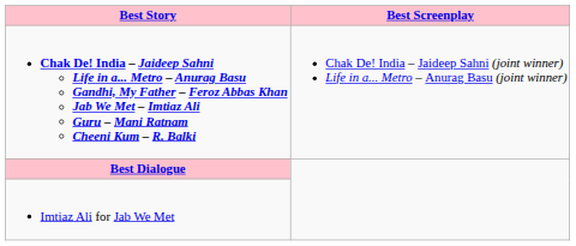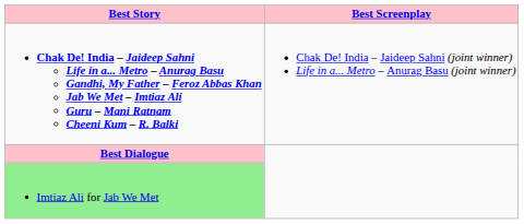 <table class=wikitable style="width=150%">
 <tr>
 <th style="background:#FFC1CC;" ! style="width=50%"><a href='#'>Best Story</a></th>
 <th style="background:#FFC1CC;" ! style="width=50%"><a href='#'>Best Screenplay</a></th>
 </tr>
 <tr>
 <td valign="top"><br><ul><li><strong><a href='#'>Chak De! India</a> – <em><a href='#'>Jaideep Sahni</a><strong><em><ul><li><a href='#'>Life in a... Metro</a> – <a href='#'>Anurag Basu</a></li><li><a href='#'>Gandhi, My Father</a> – <a href='#'>Feroz Abbas Khan</a></li><li><a href='#'>Jab We Met</a> – <a href='#'>Imtiaz Ali</a></li><li><a href='#'>Guru</a> – <a href='#'>Mani Ratnam</a></li><li><a href='#'>Cheeni Kum</a> – <a href='#'>R. Balki</a></li></ul></li></ul></td>
 <td valign="top"><br><ul><li></strong><a href='#'>Chak De! India</a> – </em><a href='#'>Jaideep Sahni</a><em> (joint winner)<strong></li><li></strong><a href='#'>Life in a... Metro</a> – </em><a href='#'>Anurag Basu</a><em> (joint winner)<strong></li></ul></td>
 </tr>
 <tr>
 <th style="background:#FFC1CC;" ! style="width=50%"><a href='#'>Best Dialogue</a></th>
 </tr>
 <tr>
-<td valign="top"><br><ul><li></strong><a href='#'>Imtiaz Ali</a> for </em><a href='#'>Jab We Met</a></em></strong></li></ul></td>
+<td valign="top" style="background: lightgreen;"><br><ul><li></strong><a href='#'>Imtiaz Ali</a> for </em><a href='#'>Jab We Met</a></em></strong></li></ul></td>
 </tr>
 </table>
